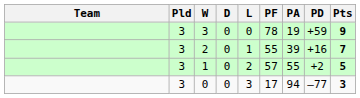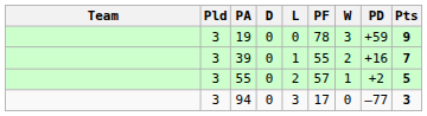 <table class="wikitable" style="text-align:center;">
 <tr>
 <th width=190>Team</th>
 <th width=20 abbr="Played">Pld</th>
-<th width=20 abbr="Won">W</th>
+<th width=20 abbr="Points against">PA</th>
 <th width=20 abbr="Drawn">D</th>
 <th width=20 abbr="Lost">L</th>
 <th width=20 abbr="Points for">PF</th>
-<th width=20 abbr="Points against">PA</th>
+<th width=20 abbr="Won">W</th>
 <th width=25 abbr="Points difference">PD</th>
 <th width=20 abbr="Points">Pts</th>
 </tr>
 <tr style="background:#ccffcc">
 <td align=left></td>
 <td>3</td>
-<td>3</td>
+<td>19</td>
 <td>0</td>
 <td>0</td>
 <td>78</td>
-<td>19</td>
+<td>3</td>
 <td>+59</td>
 <td><strong>9</strong></td>
 </tr>
 <tr style="background:#ccffcc">
 <td align=left></td>
 <td>3</td>
-<td>2</td>
+<td>39</td>
 <td>0</td>
 <td>1</td>
 <td>55</td>
-<td>39</td>
+<td>2</td>
 <td>+16</td>
 <td><strong>7</strong></td>
 </tr>
 <tr style="background:#ccffcc">
 <td align=left></td>
 <td>3</td>
-<td>1</td>
+<td>55</td>
 <td>0</td>
 <td>2</td>
 <td>57</td>
-<td>55</td>
+<td>1</td>
 <td>+2</td>
 <td><strong>5</strong></td>
 </tr>
 <tr>
 <td align=left></td>
 <td>3</td>
-<td>0</td>
+<td>94</td>
 <td>0</td>
 <td>3</td>
 <td>17</td>
-<td>94</td>
+<td>0</td>
 <td>–77</td>
 <td><strong>3</strong></td>
 </tr>
 </table>
